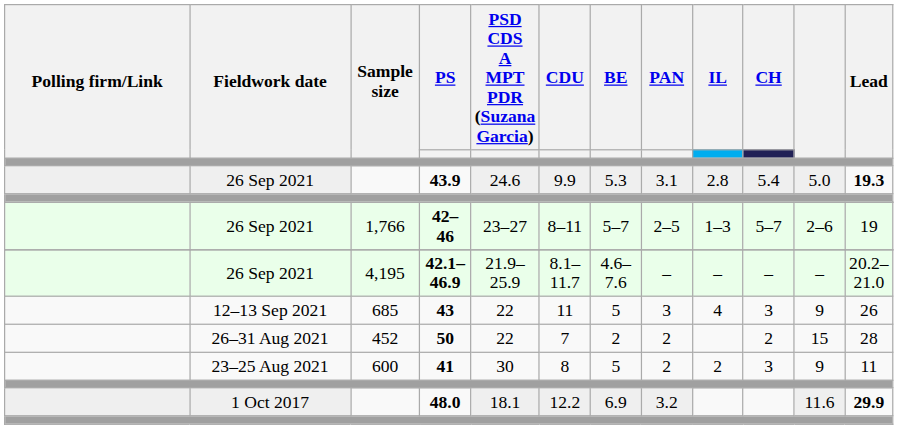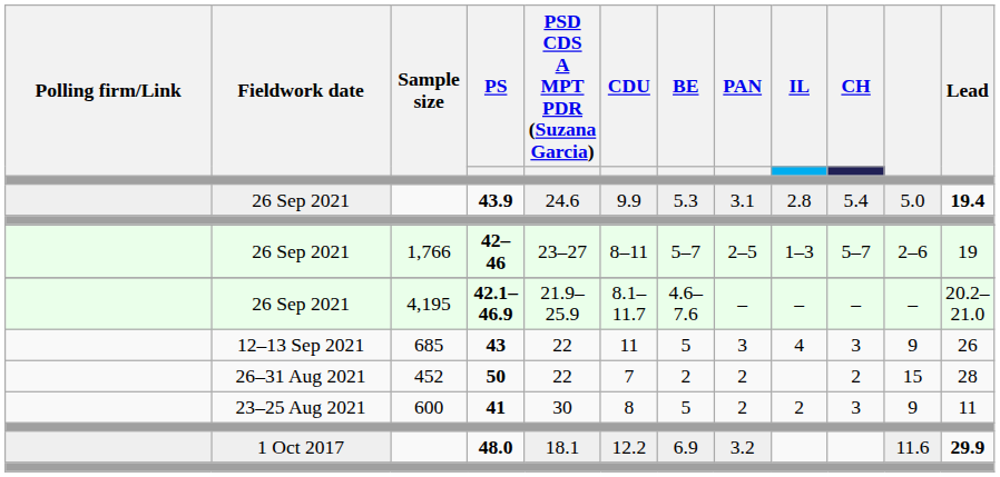 <table class="wikitable sortable mw-datatable" style="text-align:center;font-size:90%;line-height:16px;">
 <tr style="height:42px;">
 <th style="width:145px;" rowspan="2">Polling firm/Link</th>
 <th style="width:125px;" rowspan="2">Fieldwork date</th>
 <th class="unsortable" style="width:50px;" rowspan="2">Sample size</th>
 <th class="unsortable" style="width:35px;"><a href='#'>PS</a></th>
 <th class="unsortable" style="width:35px;"><a href='#'>PSD</a><br><a href='#'>CDS</a><br><a href='#'>A</a><br><a href='#'>MPT</a><br><a href='#'>PDR</a><br>(<a href='#'>Suzana Garcia</a>)</th>
 <th class="unsortable" style="width:35px;"><a href='#'>CDU</a></th>
 <th class="unsortable" style="width:35px;"><a href='#'>BE</a></th>
 <th class="unsortable" style="width:35px;"><a href='#'>PAN</a></th>
 <th class="unsortable" style="width:35px;"><a href='#'>IL</a></th>
 <th class="unsortable" style="width:35px;"><a href='#'>CH</a></th>
 <th class="unsortable" style="width:35px;" rowspan="2"></th>
 <th class="unsortable" style="width:30px;" rowspan="2">Lead</th>
 </tr>
 <tr>
 <th class="unsortable" style="color:inherit;background:"></th>
 <th class="unsortable" style="color:inherit;background:"></th>
 <th class="unsortable" style="color:inherit;background:"></th>
 <th class="unsortable" style="color:inherit;background:"></th>
 <th class="sortable" style="background:"></th>
 <th class="sortable" style="background:#00ADEF;"></th>
 <th class="sortable" style="background:#202056;"></th>
 </tr>
 <tr>
 <td colspan="17" style="background:#A0A0A0"></td>
 </tr>
 <tr>
 <td style="background:#EFEFEF;"><strong></strong></td>
 <td style="background:#EFEFEF;" data-sort-value="2019-10-06">26 Sep 2021</td>
 <td></td>
 <td><strong>43.9</strong><br></td>
 <td style="background:#EFEFEF;">24.6<br></td>
 <td style="background:#EFEFEF;">9.9<br></td>
 <td style="background:#EFEFEF;">5.3<br></td>
 <td style="background:#EFEFEF;">3.1<br></td>
 <td style="background:#EFEFEF;">2.8<br></td>
 <td style="background:#EFEFEF;">5.4<br></td>
 <td style="background:#EFEFEF;">5.0<br></td>
-<td style="background:"><strong>19.3</strong></td>
+<td style="background:"><strong>19.4</strong></td>
 </tr>
 <tr>
 <td colspan="17" style="background:#A0A0A0"></td>
 </tr>
 <tr>
 </tr>
 <tr style="background:#EAFFEA"|>
 <td></td>
 <td data-sort-value="2019-10-06">26 Sep 2021</td>
 <td>1,766</td>
 <td><strong>42–46</strong><br></td>
 <td>23–27<br></td>
 <td>8–11<br></td>
 <td>5–7<br></td>
 <td>2–5<br></td>
 <td>1–3<br></td>
 <td>5–7<br></td>
 <td>2–6<br></td>
 <td style="background:">19</td>
 </tr>
 <tr>
 </tr>
 <tr style="background:#EAFFEA"|>
 <td></td>
 <td data-sort-value="2019-10-06">26 Sep 2021</td>
 <td>4,195</td>
 <td><strong>42.1–<br>46.9</strong><br></td>
 <td>21.9–<br>25.9<br></td>
 <td>8.1–<br>11.7<br></td>
 <td>4.6–<br>7.6<br></td>
 <td>–</td>
 <td>–</td>
 <td>–</td>
 <td>–</td>
 <td style="background:">20.2–<br>21.0</td>
 </tr>
 <tr>
 <td align="center"><br></td>
 <td align="center">12–13 Sep 2021</td>
 <td>685</td>
 <td align="center" ><strong>43</strong><br></td>
 <td align="center">22<br></td>
 <td align="center">11<br></td>
 <td align="center">5<br></td>
 <td align="center">3<br></td>
 <td align="center">4<br></td>
 <td align="center">3<br></td>
 <td align="center">9<br></td>
 <td style="background:">26</td>
 </tr>
 <tr>
 <td align="center"></td>
 <td align="center">26–31 Aug 2021</td>
 <td>452</td>
 <td align="center" ><strong>50</strong></td>
 <td align="center">22</td>
 <td align="center">7</td>
 <td align="center">2</td>
 <td align="center">2</td>
 <td></td>
 <td align="center">2</td>
 <td align="center">15</td>
 <td style="background:">28</td>
 </tr>
 <tr>
 <td align="center"></td>
 <td align="center">23–25 Aug 2021</td>
 <td>600</td>
 <td align="center" ><strong>41</strong></td>
 <td align="center">30</td>
 <td align="center">8</td>
 <td align="center">5</td>
 <td align="center">2</td>
 <td align="center">2</td>
 <td align="center">3</td>
 <td align="center">9</td>
 <td style="background:">11</td>
 </tr>
 <tr>
 <td colspan="17" style="background:#A0A0A0"></td>
 </tr>
 <tr>
 <td style="background:#EFEFEF;"><strong></strong></td>
 <td style="background:#EFEFEF;" data-sort-value="2019-10-06">1 Oct 2017</td>
 <td></td>
 <td><strong>48.0</strong><br></td>
 <td style="background:#EFEFEF;">18.1<br></td>
 <td style="background:#EFEFEF;">12.2<br></td>
 <td style="background:#EFEFEF;">6.9<br></td>
 <td style="background:#EFEFEF;">3.2<br></td>
 <td></td>
 <td></td>
 <td style="background:#EFEFEF;">11.6<br></td>
 <td style="background:"><strong>29.9</strong></td>
 </tr>
 <tr>
 <td colspan="17" style="background:#A0A0A0"></td>
 </tr>
 </table>
